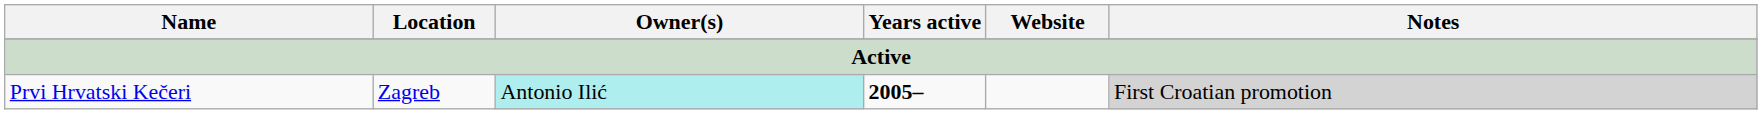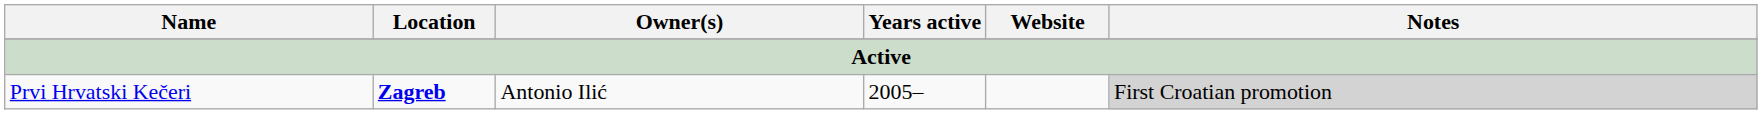 <table class="wikitable sortable" style="text-align: left;">
 <tr>
 <th width="21%">Name</th>
 <th width="7%">Location</th>
 <th width="21%">Owner(s)</th>
 <th width="7%">Years active</th>
 <th width="7%">Website</th>
 <th width="55%">Notes</th>
 </tr>
 <tr valign="top">
 </tr>
 <tr>
 <td colspan=7 style="background: #ccddcc;" align=center><strong>Active</strong></td>
 </tr>
 <tr>
 <td><a href='#'>Prvi Hrvatski Kečeri</a></td>
-<td><a href='#'>Zagreb</a></td>
-<td style="background: paleturquoise;">Antonio Ilić</td>
-<td><strong>2005–</strong></td>
+<td><strong><a href='#'>Zagreb</a></strong></td>
+<td>Antonio Ilić</td>
+<td>2005–</td>
 <td></td>
 <td style="background: lightgrey;">First Croatian promotion</td>
 </tr>
 </table>
